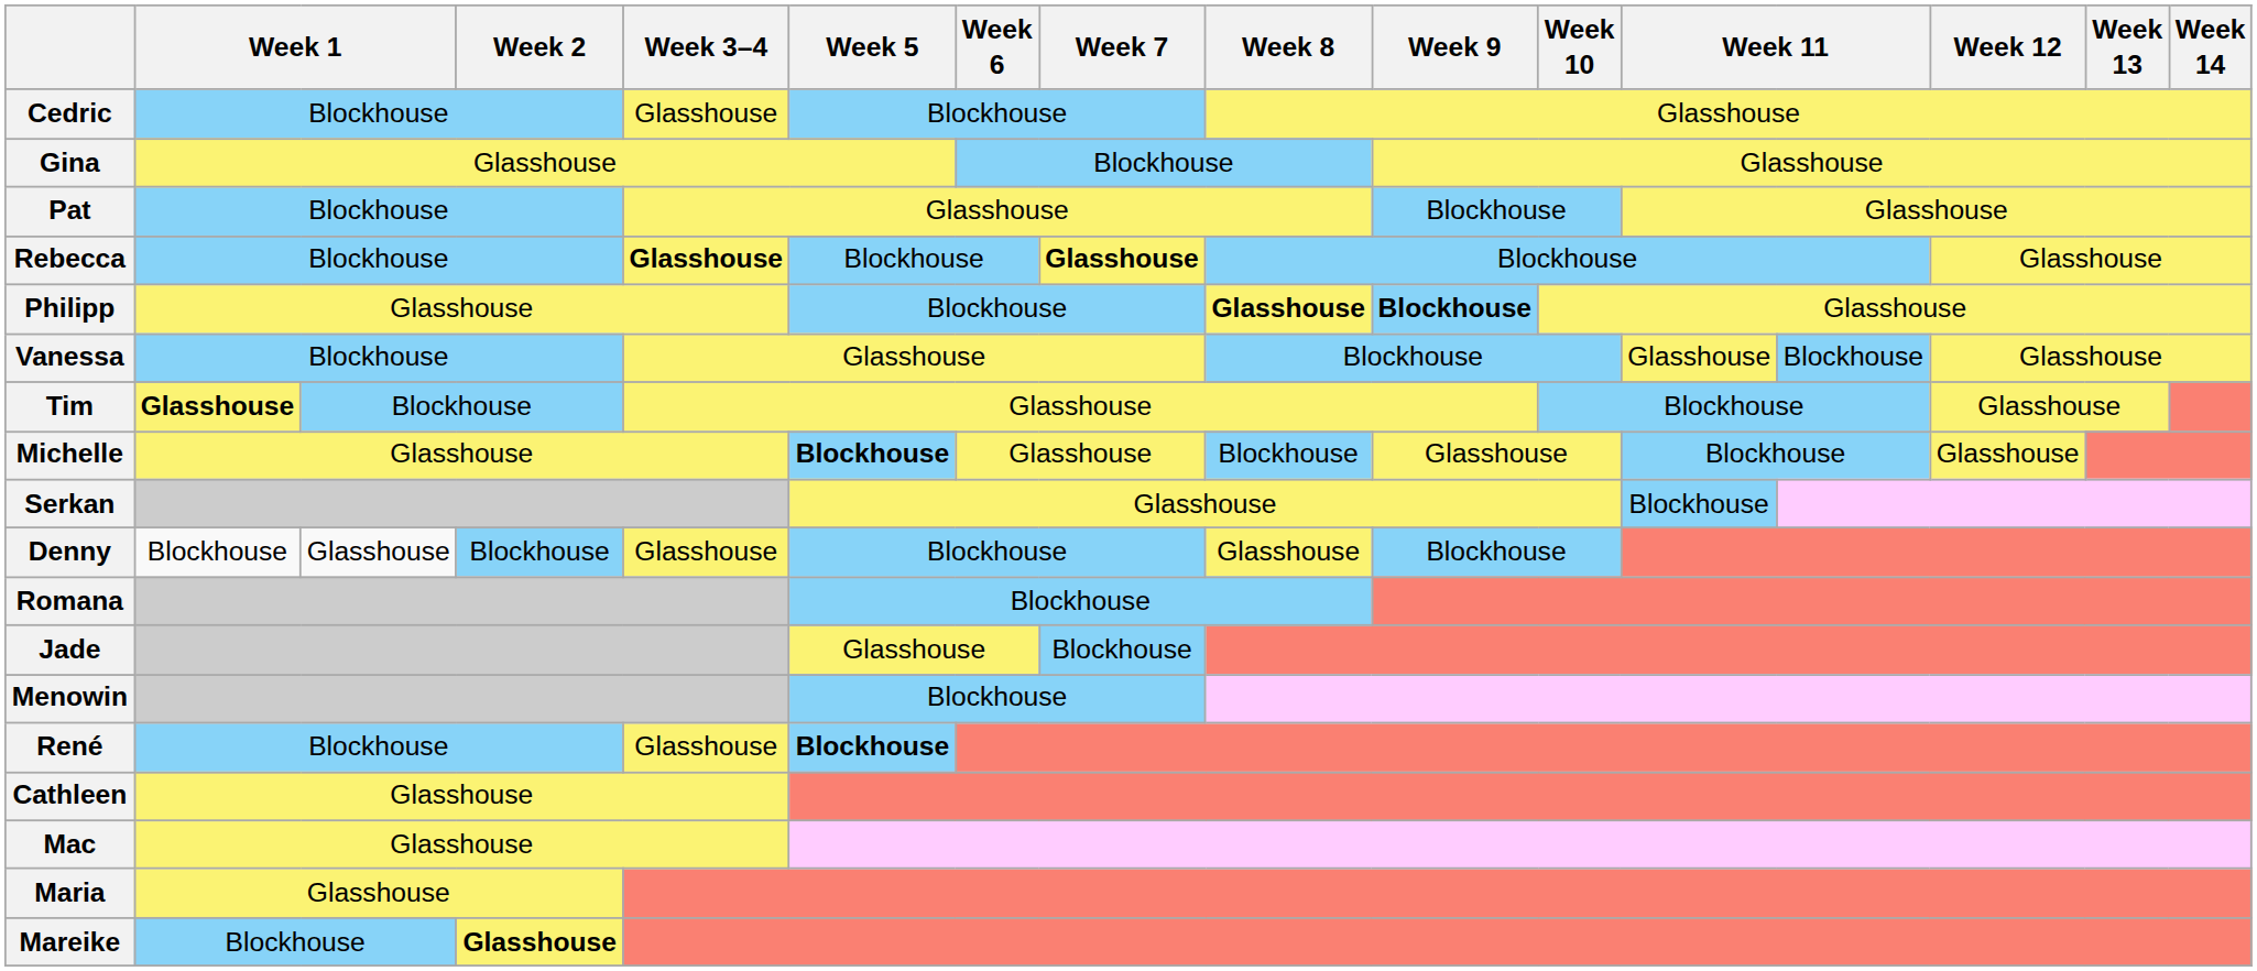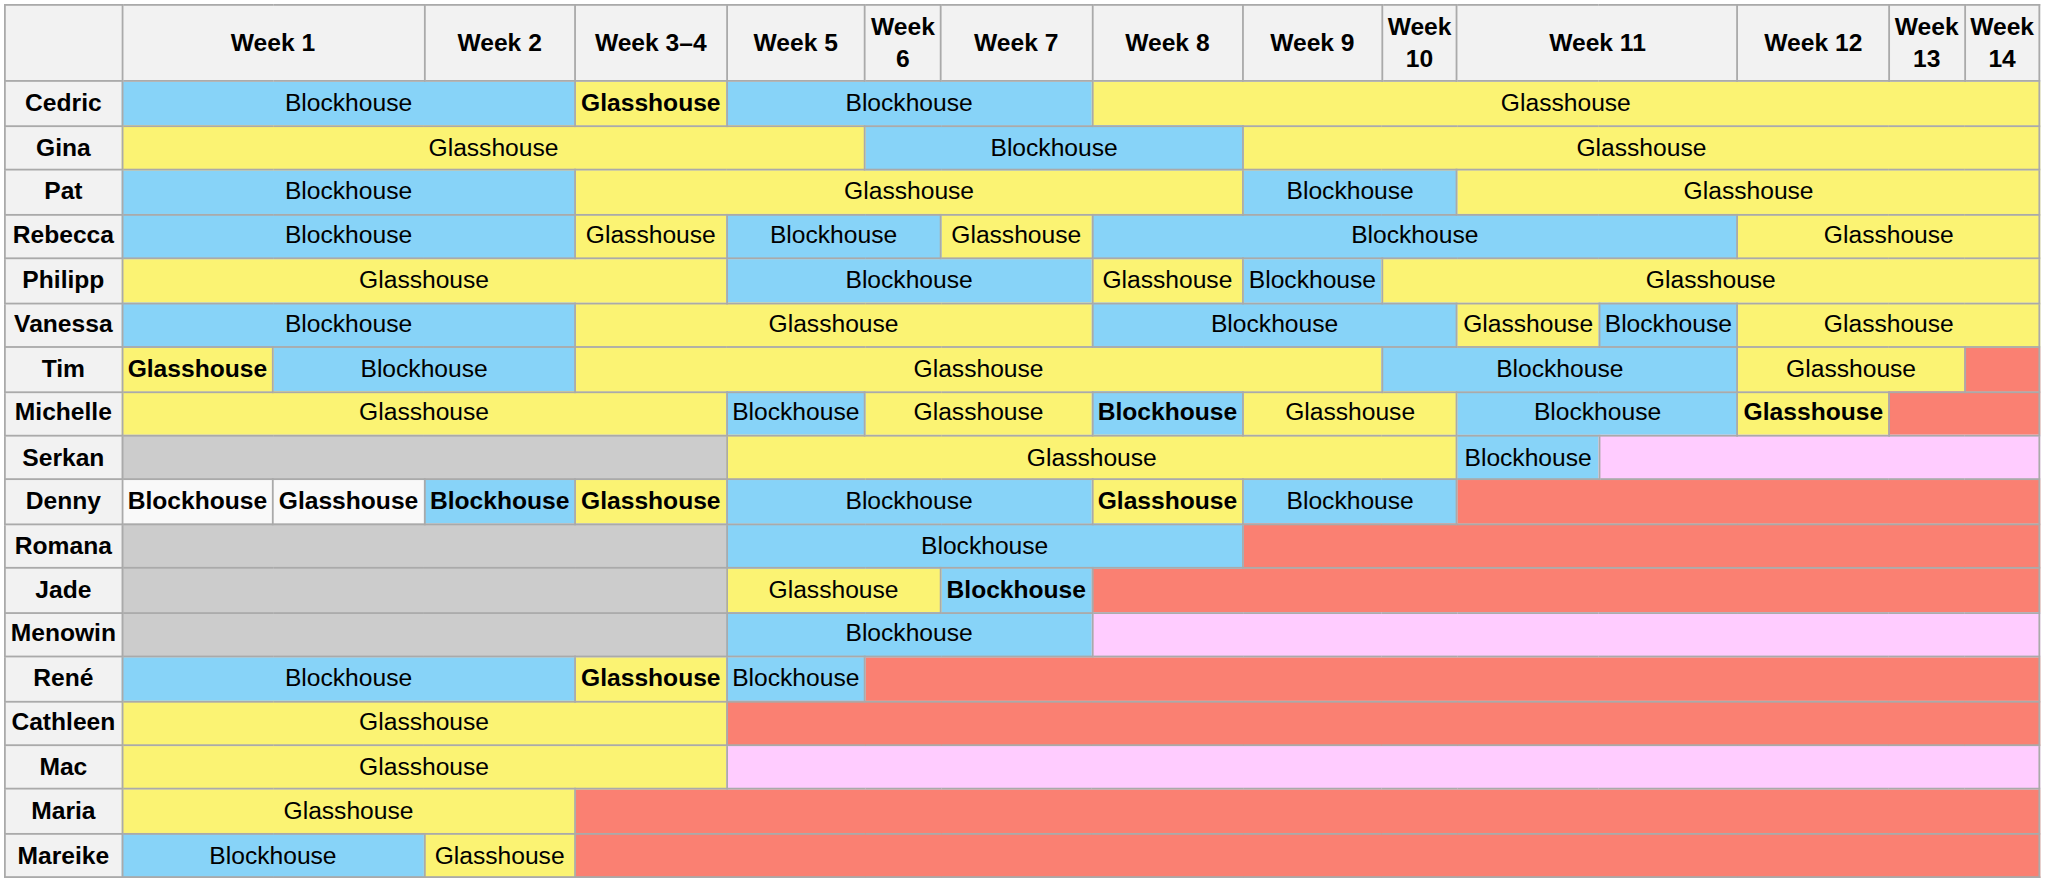 <table class="wikitable" style="text-align:center; width:auto; font-size:85%; line-height:18px;">
 <tr>
 <th style="width:5%;"></th>
 <th colspan="2" style="width:10%;">Week 1</th>
 <th style="width:5%;">Week 2</th>
 <th style="width:5%;">Week 3–4</th>
 <th style="width:5%;">Week 5</th>
 <th style="width:5%;">Week 6</th>
 <th style="width:5%;">Week 7</th>
 <th style="width:5%;">Week 8</th>
 <th style="width:5%;">Week 9</th>
 <th style="width:5%;">Week 10</th>
 <th colspan="2" style="width:5%;">Week 11</th>
 <th style="width:5%;">Week 12</th>
 <th style="width:5%;">Week 13</th>
 <th style="width:5%;">Week 14</th>
 </tr>
 <tr>
 <th>Cedric</th>
 <td colspan="3" style="background:#87D3F8;">Blockhouse</td>
-<td style="background:#FBF373;">Glasshouse</td>
+<td style="background:#FBF373;"><strong>Glasshouse</strong></td>
 <td colspan="3" style="background:#87D3F8;">Blockhouse</td>
 <td colspan="8" style="background:#FBF373;">Glasshouse</td>
 </tr>
 <tr>
 <th>Gina</th>
 <td colspan="5" style="background:#FBF373;">Glasshouse</td>
 <td colspan="3" style="background:#87D3F8;">Blockhouse</td>
 <td colspan="7" style="background:#FBF373;">Glasshouse</td>
 </tr>
 <tr>
 <th>Pat</th>
 <td colspan="3" style="background:#87D3F8;">Blockhouse</td>
 <td colspan="5" style="background:#FBF373;">Glasshouse</td>
 <td colspan="2" style="background:#87D3F8;">Blockhouse</td>
 <td colspan="5" style="background:#FBF373;">Glasshouse</td>
 </tr>
 <tr>
 <th>Rebecca</th>
 <td colspan="3" style="background:#87D3F8;">Blockhouse</td>
-<td style="background:#FBF373;"><strong>Glasshouse</strong></td>
+<td style="background:#FBF373;">Glasshouse</td>
 <td colspan="2" style="background:#87D3F8;">Blockhouse</td>
-<td style="background:#FBF373;"><strong>Glasshouse</strong></td>
+<td style="background:#FBF373;">Glasshouse</td>
 <td colspan="5" style="background:#87D3F8;">Blockhouse</td>
 <td colspan="3" style="background:#FBF373;">Glasshouse</td>
 </tr>
 <tr>
 <th>Philipp</th>
 <td colspan="4" style="background:#FBF373;">Glasshouse</td>
 <td colspan="3" style="background:#87D3F8;">Blockhouse</td>
-<td style="background:#FBF373;"><strong>Glasshouse</strong></td>
-<td style="background:#87D3F8;"><strong>Blockhouse</strong></td>
+<td style="background:#FBF373;">Glasshouse</td>
+<td style="background:#87D3F8;">Blockhouse</td>
 <td colspan="6" style="background:#FBF373;">Glasshouse</td>
 </tr>
 <tr>
 <th>Vanessa</th>
 <td colspan="3" style="background:#87D3F8;">Blockhouse</td>
 <td colspan="4" style="background:#FBF373;">Glasshouse</td>
 <td colspan="3" style="background:#87D3F8;">Blockhouse</td>
 <td style="background:#FBF373;">Glasshouse</td>
 <td style="background:#87D3F8;">Blockhouse</td>
 <td colspan="3" style="background:#FBF373;">Glasshouse</td>
 </tr>
 <tr>
 <th>Tim</th>
 <td style="background:#FBF373;"><strong>Glasshouse</strong></td>
 <td colspan="2" style="background:#87D3F8;">Blockhouse</td>
 <td colspan="6" style="background:#FBF373;">Glasshouse</td>
 <td colspan="3" style="background:#87D3F8;">Blockhouse</td>
 <td colspan="2" style="background:#FBF373;">Glasshouse</td>
 <td style="background:#FA8072"></td>
 </tr>
 <tr>
 <th>Michelle</th>
 <td colspan="4" style="background:#FBF373;">Glasshouse</td>
+<td style="background:#87D3F8;">Blockhouse</td>
+<td colspan="2" style="background:#FBF373;">Glasshouse</td>
 <td style="background:#87D3F8;"><strong>Blockhouse</strong></td>
 <td colspan="2" style="background:#FBF373;">Glasshouse</td>
-<td style="background:#87D3F8;">Blockhouse</td>
-<td colspan="2" style="background:#FBF373;">Glasshouse</td>
 <td colspan="2" style="background:#87D3F8;">Blockhouse</td>
-<td colspan="1" style="background:#FBF373;">Glasshouse</td>
+<td colspan="1" style="background:#FBF373;"><strong>Glasshouse</strong></td>
 <td colspan="2" style="background:#FA8072"></td>
 </tr>
 <tr>
 <th>Serkan</th>
 <td colspan="4" style="background:#cccccc;"></td>
 <td colspan="6" style="background:#FBF373;">Glasshouse</td>
 <td style="background:#87D3F8;">Blockhouse</td>
 <td colspan="4" style="background:#FCF"></td>
 </tr>
 <tr>
 <th>Denny</th>
-<td style="width:5%;" style="background:#87D3F8;">Blockhouse</td>
-<td style="width:5%;" style="background:#FBF373;">Glasshouse</td>
-<td style="background:#87D3F8;">Blockhouse</td>
-<td style="background:#FBF373;">Glasshouse</td>
+<td style="width:5%;" style="background:#87D3F8;"><strong>Blockhouse</strong></td>
+<td style="width:5%;" style="background:#FBF373;"><strong>Glasshouse</strong></td>
+<td style="background:#87D3F8;"><strong>Blockhouse</strong></td>
+<td style="background:#FBF373;"><strong>Glasshouse</strong></td>
 <td colspan="3" style="background:#87D3F8;">Blockhouse</td>
-<td style="background:#FBF373;">Glasshouse</td>
+<td style="background:#FBF373;"><strong>Glasshouse</strong></td>
 <td colspan="2" style="background:#87D3F8;">Blockhouse</td>
 <td colspan="5" style="background:#FA8072"></td>
 </tr>
 <tr>
 <th>Romana</th>
 <td colspan="4" style="background:#cccccc;"></td>
 <td colspan="4" style="background:#87D3F8;">Blockhouse</td>
 <td colspan="7" style="background:#FA8072"></td>
 </tr>
 <tr>
 <th>Jade</th>
 <td colspan="4" style="background:#cccccc;"></td>
 <td colspan="2" style="background:#FBF373;">Glasshouse</td>
-<td style="background:#87D3F8;">Blockhouse</td>
+<td style="background:#87D3F8;"><strong>Blockhouse</strong></td>
 <td colspan="8" style="background:#FA8072"></td>
 </tr>
 <tr>
 <th>Menowin</th>
 <td colspan="4" style="background:#cccccc;"></td>
 <td colspan="3" style="background:#87D3F8;">Blockhouse</td>
 <td colspan="8" style="background:#FCF"></td>
 </tr>
 <tr>
 <th>René</th>
 <td colspan="3" style="background:#87D3F8;">Blockhouse</td>
-<td style="background:#FBF373;">Glasshouse</td>
-<td style="background:#87D3F8;"><strong>Blockhouse</strong></td>
+<td style="background:#FBF373;"><strong>Glasshouse</strong></td>
+<td style="background:#87D3F8;">Blockhouse</td>
 <td colspan="10" style="background:#FA8072"></td>
 </tr>
 <tr>
 <th>Cathleen</th>
 <td colspan="4" style="background:#FBF373;">Glasshouse</td>
 <td colspan="11" style="background:#FA8072"></td>
 </tr>
 <tr>
 <th>Mac</th>
 <td colspan="4" style="background:#FBF373;">Glasshouse</td>
 <td colspan="11" style="background:#FCF"></td>
 </tr>
 <tr>
 <th>Maria</th>
 <td colspan="3" style="background:#FBF373;">Glasshouse</td>
 <td colspan="12" style="background:#FA8072"></td>
 </tr>
 <tr>
 <th>Mareike</th>
 <td colspan="2" style="background:#87D3F8;">Blockhouse</td>
-<td style="background:#FBF373;"><strong>Glasshouse</strong></td>
+<td style="background:#FBF373;">Glasshouse</td>
 <td colspan="12" style="background:#FA8072"></td>
 </tr>
 <tr>
 </tr>
 </table>
